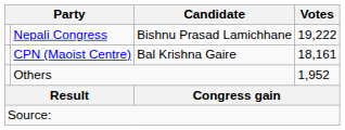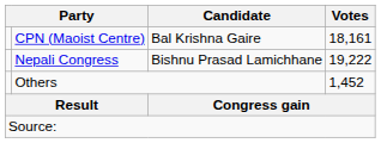 <table class="wikitable">
 <tr>
 <th colspan="2">Party</th>
 <th>Candidate</th>
 <th>Votes</th>
 </tr>
 <tr>
 <td style="background-color:"></td>
+<td><a href='#'>CPN (Maoist Centre)</a></td>
+<td>Bal Krishna Gaire</td>
+<td>18,161</td>
+</tr>
+<tr>
+<td style="background-color:"></td>
 <td><a href='#'>Nepali Congress</a></td>
 <td>Bishnu Prasad Lamichhane</td>
 <td>19,222</td>
 </tr>
 <tr>
-<td style="background-color:"></td>
-<td><a href='#'>CPN (Maoist Centre)</a></td>
-<td>Bal Krishna Gaire</td>
-<td>18,161</td>
-</tr>
-<tr>
 <td></td>
 <td colspan="2">Others</td>
-<td>1,952</td>
+<td>1,452</td>
 </tr>
 <tr>
 <th colspan="2">Result</th>
 <th colspan="2">Congress gain</th>
 </tr>
 <tr>
 <td colspan="4">Source: </td>
 </tr>
 </table>
